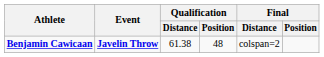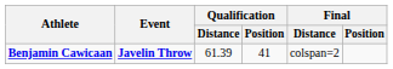 <table class=wikitable style=font-size:90%>
 <tr>
 <th rowspan=2>Athlete</th>
 <th rowspan=2>Event</th>
 <th colspan=2>Qualification</th>
 <th colspan=2>Final</th>
 </tr>
 <tr style=font-size:95%>
 <th>Distance</th>
 <th>Position</th>
 <th>Distance</th>
 <th>Position</th>
 </tr>
 <tr align=center>
 <td align=left><strong><a href='#'>Benjamin Cawicaan</a></strong></td>
 <td align=left><strong><a href='#'>Javelin Throw</a></strong></td>
-<td>61.38</td>
-<td>48</td>
+<td>61.39</td>
+<td>41</td>
 <td>colspan=2 </td>
 </tr>
 </table>
